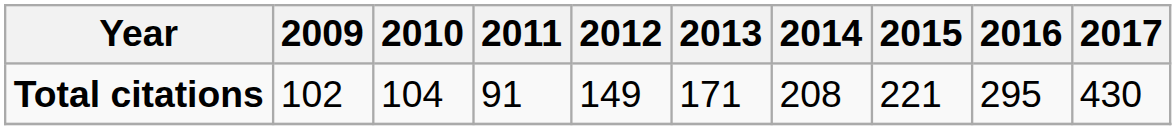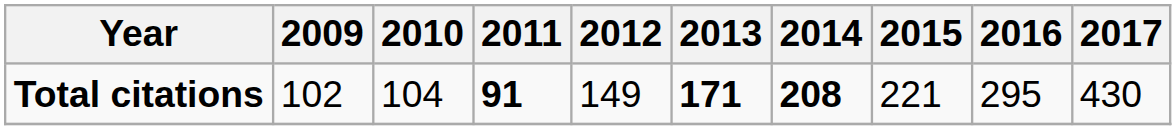 <table class="wikitable">
 <tr>
 <th>Year</th>
 <th>2009</th>
 <th>2010</th>
 <th>2011</th>
 <th>2012</th>
 <th>2013</th>
 <th>2014</th>
 <th>2015</th>
 <th>2016</th>
 <th>2017</th>
 </tr>
 <tr>
 <td><strong>Total citations</strong></td>
 <td>102</td>
 <td>104</td>
-<td>91</td>
+<td><strong>91</strong></td>
 <td>149</td>
-<td>171</td>
-<td>208</td>
+<td><strong>171</strong></td>
+<td><strong>208</strong></td>
 <td>221</td>
 <td>295</td>
 <td>430</td>
 </tr>
 <tr>
 </tr>
 </table>
